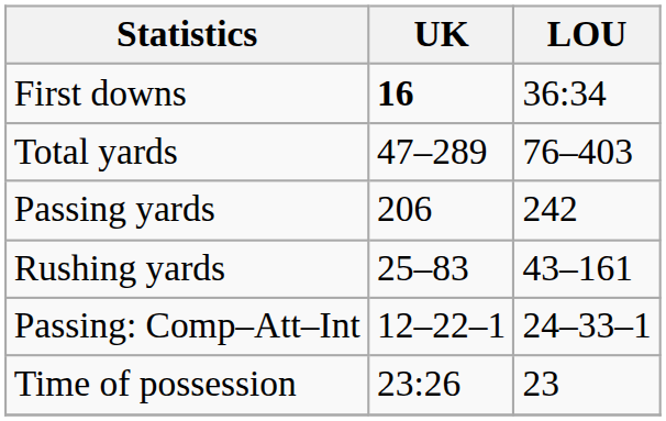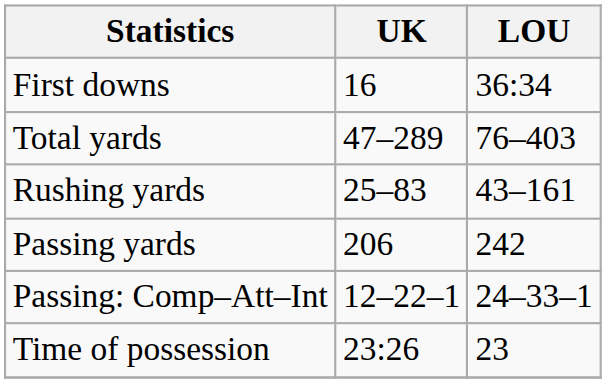 <table class="wikitable" style="float: left;">
 <tr>
 <th>Statistics</th>
 <th>UK</th>
 <th>LOU</th>
 </tr>
 <tr>
 <td>First downs</td>
-<td><strong>16</strong></td>
+<td>16</td>
 <td>36:34</td>
 </tr>
 <tr>
 <td>Total yards</td>
 <td>47–289</td>
 <td>76–403</td>
 </tr>
 <tr>
+<td>Rushing yards</td>
+<td>25–83</td>
+<td>43–161</td>
+</tr>
+<tr>
 <td>Passing yards</td>
 <td>206</td>
 <td>242</td>
-</tr>
-<tr>
-<td>Rushing yards</td>
-<td>25–83</td>
-<td>43–161</td>
 </tr>
 <tr>
 <td>Passing: Comp–Att–Int</td>
 <td>12–22–1</td>
 <td>24–33–1</td>
 </tr>
 <tr>
 <td>Time of possession</td>
 <td>23:26</td>
 <td>23</td>
 </tr>
 <tr>
 </tr>
 </table>
